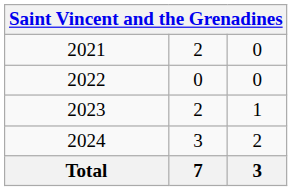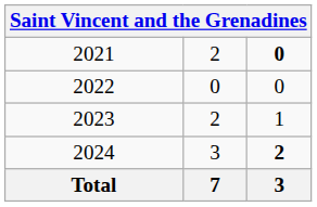 <table class="wikitable" style="text-align:center">
 <tr>
 <th colspan=3><a href='#'>Saint Vincent and the Grenadines</a></th>
 </tr>
 <tr>
 <td>2021</td>
 <td>2</td>
-<td>0</td>
+<td><strong>0</strong></td>
 </tr>
 <tr>
 <td>2022</td>
 <td>0</td>
 <td>0</td>
 </tr>
 <tr>
 <td>2023</td>
 <td>2</td>
 <td>1</td>
 </tr>
 <tr>
 <td>2024</td>
 <td>3</td>
-<td>2</td>
+<td><strong>2</strong></td>
 </tr>
 <tr>
 <th>Total</th>
 <th>7</th>
 <th>3</th>
 </tr>
 </table>
